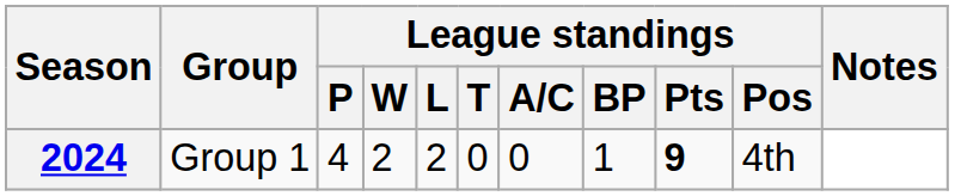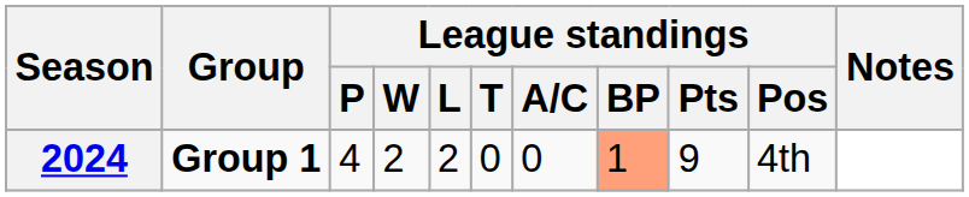 <table class="wikitable sortable">
 <tr>
 <th scope="col" rowspan="2">Season</th>
 <th scope="col" rowspan="2">Group</th>
 <th scope="col" colspan="8">League standings</th>
 <th scope="col" rowspan="2">Notes</th>
 </tr>
 <tr>
 <th scope="col">P</th>
 <th scope="col">W</th>
 <th scope="col">L</th>
 <th scope="col">T</th>
 <th scope="col">A/C</th>
 <th scope="col">BP</th>
 <th scope="col">Pts</th>
 <th scope="col">Pos</th>
 </tr>
 <tr>
 <th scope="row"><a href='#'>2024</a></th>
-<td>Group 1</td>
+<td><strong>Group 1</strong></td>
 <td>4</td>
 <td>2</td>
 <td>2</td>
 <td>0</td>
 <td>0</td>
-<td>1</td>
-<td><strong>9</strong></td>
+<td style="background: lightsalmon;">1</td>
+<td>9</td>
 <td>4th</td>
 <td style="background: white;"></td>
 </tr>
 </table>
